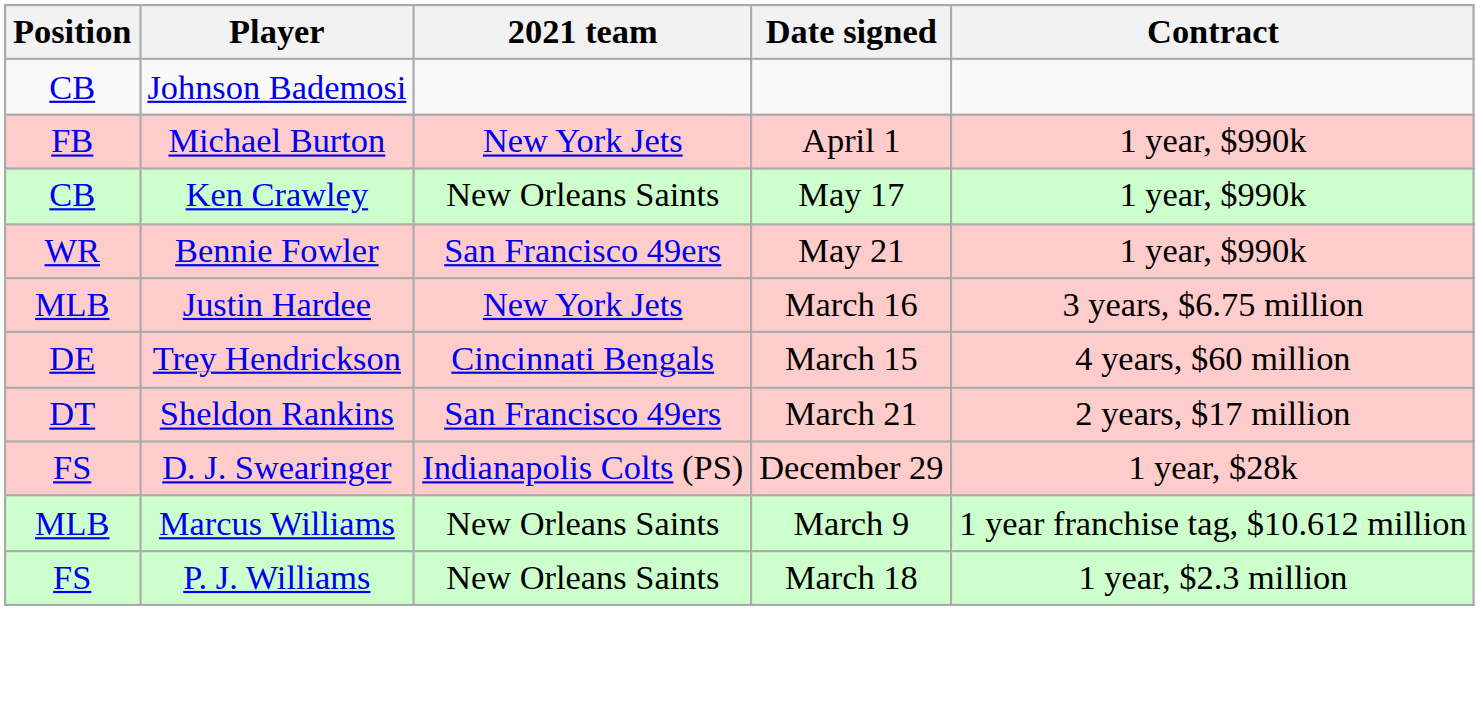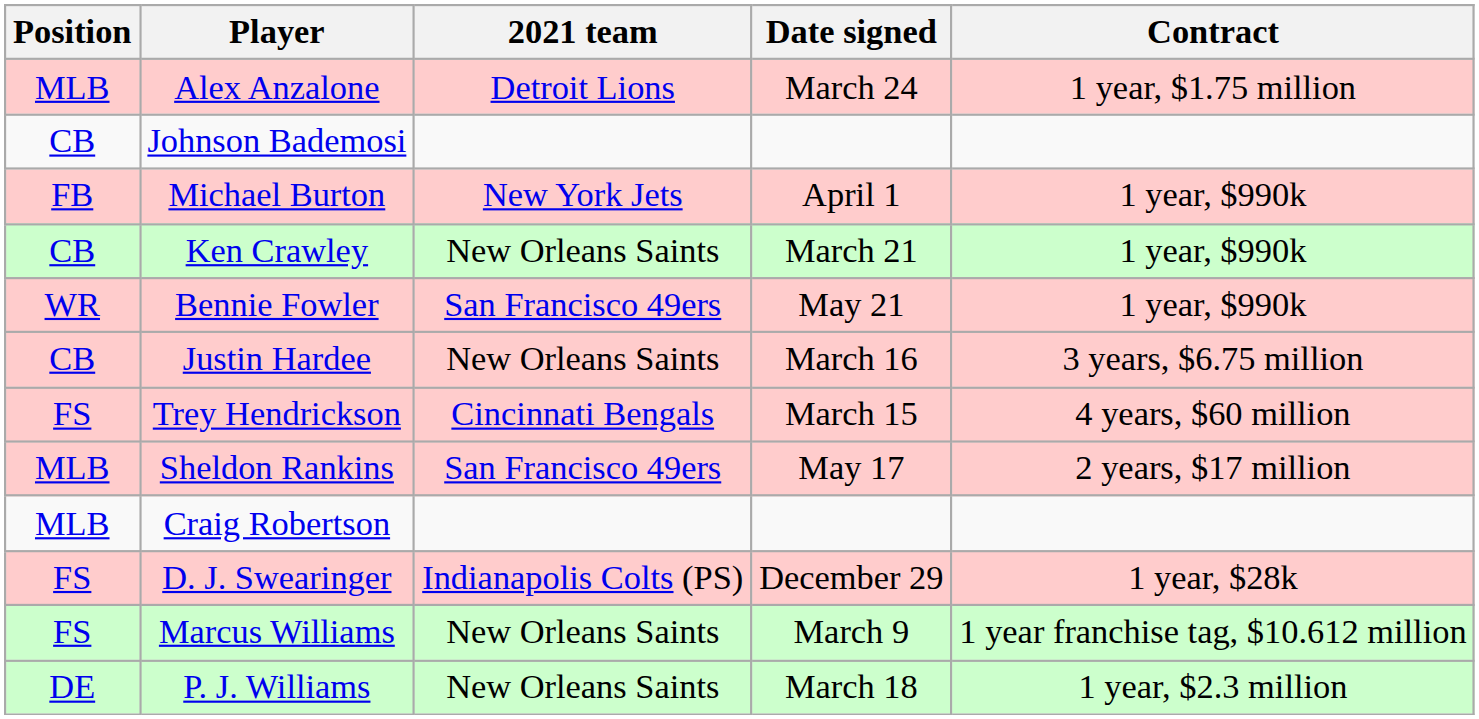 <table class="wikitable" style="text-align:center">
 <tr>
 <th>Position</th>
 <th>Player</th>
 <th>2021 team</th>
 <th>Date signed</th>
 <th>Contract</th>
+</tr>
+<tr style="background:#fcc">
+<td><a href='#'>MLB</a></td>
+<td><a href='#'>Alex Anzalone</a></td>
+<td><a href='#'>Detroit Lions</a></td>
+<td>March 24</td>
+<td>1 year, $1.75 million</td>
 </tr>
 <tr>
 <td><a href='#'>CB</a></td>
 <td><a href='#'>Johnson Bademosi</a></td>
 <td></td>
 <td></td>
 <td></td>
 </tr>
 <tr style="background:#fcc">
 <td><a href='#'>FB</a></td>
 <td><a href='#'>Michael Burton</a></td>
 <td><a href='#'>New York Jets</a></td>
 <td>April 1</td>
 <td>1 year, $990k</td>
 </tr>
 <tr style="background:#cfc">
 <td><a href='#'>CB</a></td>
 <td><a href='#'>Ken Crawley</a></td>
 <td>New Orleans Saints</td>
-<td>May 17</td>
+<td>March 21</td>
 <td>1 year, $990k</td>
 </tr>
 <tr style="background:#fcc">
 <td><a href='#'>WR</a></td>
 <td><a href='#'>Bennie Fowler</a></td>
 <td><a href='#'>San Francisco 49ers</a></td>
 <td>May 21</td>
 <td>1 year, $990k</td>
 </tr>
 <tr style="background:#fcc">
-<td><a href='#'>MLB</a></td>
+<td><a href='#'>CB</a></td>
 <td><a href='#'>Justin Hardee</a></td>
-<td><a href='#'>New York Jets</a></td>
+<td>New Orleans Saints</td>
 <td>March 16</td>
 <td>3 years, $6.75 million</td>
 </tr>
 <tr style="background:#fcc">
-<td><a href='#'>DE</a></td>
+<td><a href='#'>FS</a></td>
 <td><a href='#'>Trey Hendrickson</a></td>
 <td><a href='#'>Cincinnati Bengals</a></td>
 <td>March 15</td>
 <td>4 years, $60 million</td>
 </tr>
 <tr style="background:#fcc">
-<td><a href='#'>DT</a></td>
+<td><a href='#'>MLB</a></td>
 <td><a href='#'>Sheldon Rankins</a></td>
 <td><a href='#'>San Francisco 49ers</a></td>
-<td>March 21</td>
+<td>May 17</td>
 <td>2 years, $17 million</td>
+</tr>
+<tr>
+<td><a href='#'>MLB</a></td>
+<td><a href='#'>Craig Robertson</a></td>
+<td></td>
+<td></td>
+<td></td>
 </tr>
 <tr style="background:#fcc">
 <td><a href='#'>FS</a></td>
 <td><a href='#'>D. J. Swearinger</a></td>
 <td><a href='#'>Indianapolis Colts</a> (PS)</td>
 <td>December 29</td>
 <td>1 year, $28k</td>
 </tr>
 <tr style="background:#cfc">
-<td><a href='#'>MLB</a></td>
+<td><a href='#'>FS</a></td>
 <td><a href='#'>Marcus Williams</a></td>
 <td>New Orleans Saints</td>
 <td>March 9</td>
 <td>1 year franchise tag, $10.612 million</td>
 </tr>
 <tr style="background:#cfc">
-<td><a href='#'>FS</a></td>
+<td><a href='#'>DE</a></td>
 <td><a href='#'>P. J. Williams</a></td>
 <td>New Orleans Saints</td>
 <td>March 18</td>
 <td>1 year, $2.3 million</td>
 </tr>
 </table>
